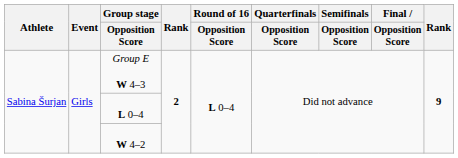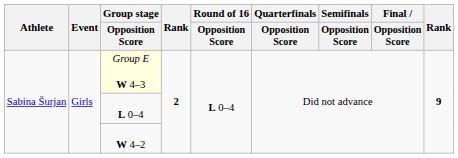 <table class=wikitable style="font-size:90%">
 <tr>
 <th rowspan="2">Athlete</th>
 <th rowspan="2">Event</th>
 <th>Group stage</th>
 <th rowspan="2">Rank</th>
 <th>Round of 16</th>
 <th>Quarterfinals</th>
 <th>Semifinals</th>
 <th>Final / </th>
 <th rowspan=2>Rank</th>
 </tr>
 <tr style="font-size:95%">
 <th>Opposition<br>Score</th>
 <th>Opposition<br>Score</th>
 <th>Opposition<br>Score</th>
 <th>Opposition<br>Score</th>
 <th>Opposition<br>Score</th>
 </tr>
 <tr align=center>
 <td align=left rowspan=3><a href='#'>Sabina Šurjan</a></td>
 <td align=left rowspan=3><a href='#'>Girls</a></td>
-<td><em>Group E</em><br><br><strong>W</strong> 4–3</td>
+<td style="background: lightyellow;"><em>Group E</em><br><br><strong>W</strong> 4–3</td>
 <td rowspan=3><strong>2</strong></td>
 <td rowspan=3><br><strong>L</strong> 0–4</td>
 <td rowspan=3 colspan=3>Did not advance</td>
 <td rowspan=3><strong>9</strong></td>
 </tr>
 <tr align=center>
 <td><br><strong>L</strong> 0–4</td>
 </tr>
 <tr align=center>
 <td><br><strong>W</strong> 4–2</td>
 </tr>
 </table>
